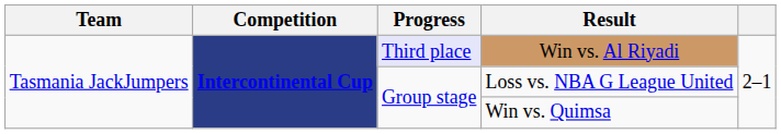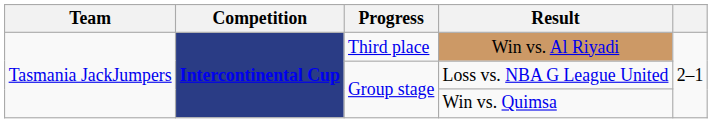 <table class="wikitable sortable">
 <tr>
 <th>Team</th>
 <th>Competition</th>
 <th>Progress</th>
 <th>Result</th>
 <th></th>
 </tr>
 <tr>
 <td rowspan="7"><a href='#'>Tasmania JackJumpers</a></td>
 <td rowspan="3" style="background-color:#2A3C85;color:#FFFFFF;text-align:center"><strong><a href='#'><span>Intercontinental Cup</span></a></strong></td>
-<td style="background: lavender;"><a href='#'>Third place</a></td>
+<td><a href='#'>Third place</a></td>
 <td style="background-color:#C96;text-align:center">Win vs.  <a href='#'>Al Riyadi</a></td>
 <td rowspan="3" style="text-align:center">2–1</td>
 </tr>
 <tr>
 <td rowspan="2"><a href='#'>Group stage</a></td>
 <td>Loss vs.  <a href='#'>NBA G League United</a></td>
 </tr>
 <tr>
 <td>Win vs.  <a href='#'>Quimsa</a></td>
 </tr>
 </table>
